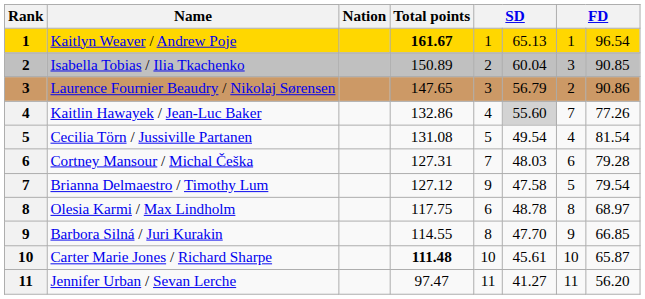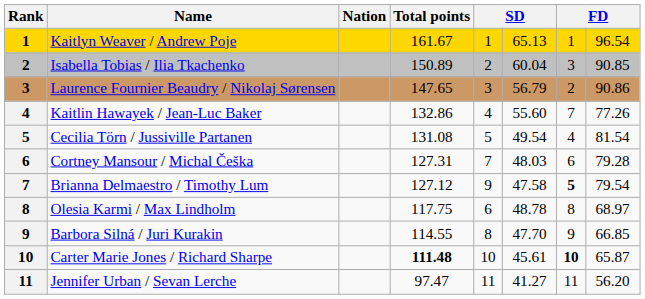 <table class="wikitable sortable">
 <tr>
 <th>Rank</th>
 <th>Name</th>
 <th>Nation</th>
 <th>Total points</th>
 <th colspan="2" width="80px"><a href='#'>SD</a></th>
 <th colspan="2" width="80px"><a href='#'>FD</a></th>
 </tr>
 <tr bgcolor="gold">
 <td align="center"><strong>1</strong></td>
 <td><a href='#'>Kaitlyn Weaver</a> / <a href='#'>Andrew Poje</a></td>
 <td></td>
-<td align="center"><strong>161.67</strong></td>
+<td align="center">161.67</td>
 <td align="center">1</td>
 <td align="center">65.13</td>
 <td align="center">1</td>
 <td align="center">96.54</td>
 </tr>
 <tr bgcolor="silver">
 <td align="center"><strong>2</strong></td>
 <td><a href='#'>Isabella Tobias</a> / <a href='#'>Ilia Tkachenko</a></td>
 <td></td>
 <td align="center">150.89</td>
 <td align="center">2</td>
 <td align="center">60.04</td>
 <td align="center">3</td>
 <td align="center">90.85</td>
 </tr>
 <tr bgcolor="cc9966">
 <td align="center"><strong>3</strong></td>
 <td><a href='#'>Laurence Fournier Beaudry</a> / <a href='#'>Nikolaj Sørensen</a></td>
 <td></td>
 <td align="center">147.65</td>
 <td align="center">3</td>
 <td align="center">56.79</td>
 <td align="center">2</td>
 <td align="center">90.86</td>
 </tr>
 <tr>
 <th>4</th>
 <td><a href='#'>Kaitlin Hawayek</a> / <a href='#'>Jean-Luc Baker</a></td>
 <td></td>
 <td align="center">132.86</td>
 <td align="center">4</td>
-<td align="center" style="background: lightgrey;">55.60</td>
+<td align="center">55.60</td>
 <td align="center">7</td>
 <td align="center">77.26</td>
 </tr>
 <tr>
 <th>5</th>
 <td><a href='#'>Cecilia Törn</a> / <a href='#'>Jussiville Partanen</a></td>
 <td></td>
 <td align="center">131.08</td>
 <td align="center">5</td>
 <td align="center">49.54</td>
 <td align="center">4</td>
 <td align="center">81.54</td>
 </tr>
 <tr>
 <th>6</th>
 <td><a href='#'>Cortney Mansour</a> / <a href='#'>Michal Češka</a></td>
 <td></td>
 <td align="center">127.31</td>
 <td align="center">7</td>
 <td align="center">48.03</td>
 <td align="center">6</td>
 <td align="center">79.28</td>
 </tr>
 <tr>
 <th>7</th>
 <td><a href='#'>Brianna Delmaestro</a> / <a href='#'>Timothy Lum</a></td>
 <td></td>
 <td align="center">127.12</td>
 <td align="center">9</td>
 <td align="center">47.58</td>
-<td align="center">5</td>
+<td align="center"><strong>5</strong></td>
 <td align="center">79.54</td>
 </tr>
 <tr>
 <th>8</th>
 <td><a href='#'>Olesia Karmi</a> / <a href='#'>Max Lindholm</a></td>
 <td></td>
 <td align="center">117.75</td>
 <td align="center">6</td>
 <td align="center">48.78</td>
 <td align="center">8</td>
 <td align="center">68.97</td>
 </tr>
 <tr>
 <th>9</th>
 <td><a href='#'>Barbora Silná</a> / <a href='#'>Juri Kurakin</a></td>
 <td></td>
 <td align="center">114.55</td>
 <td align="center">8</td>
 <td align="center">47.70</td>
 <td align="center">9</td>
 <td align="center">66.85</td>
 </tr>
 <tr>
 <th>10</th>
 <td><a href='#'>Carter Marie Jones</a> / <a href='#'>Richard Sharpe</a></td>
 <td></td>
 <td align="center"><strong>111.48</strong></td>
 <td align="center">10</td>
 <td align="center">45.61</td>
-<td align="center">10</td>
+<td align="center"><strong>10</strong></td>
 <td align="center">65.87</td>
 </tr>
 <tr>
 <th>11</th>
 <td><a href='#'>Jennifer Urban</a> / <a href='#'>Sevan Lerche</a></td>
 <td></td>
 <td align="center">97.47</td>
 <td align="center">11</td>
 <td align="center">41.27</td>
 <td align="center">11</td>
 <td align="center">56.20</td>
 </tr>
 </table>
